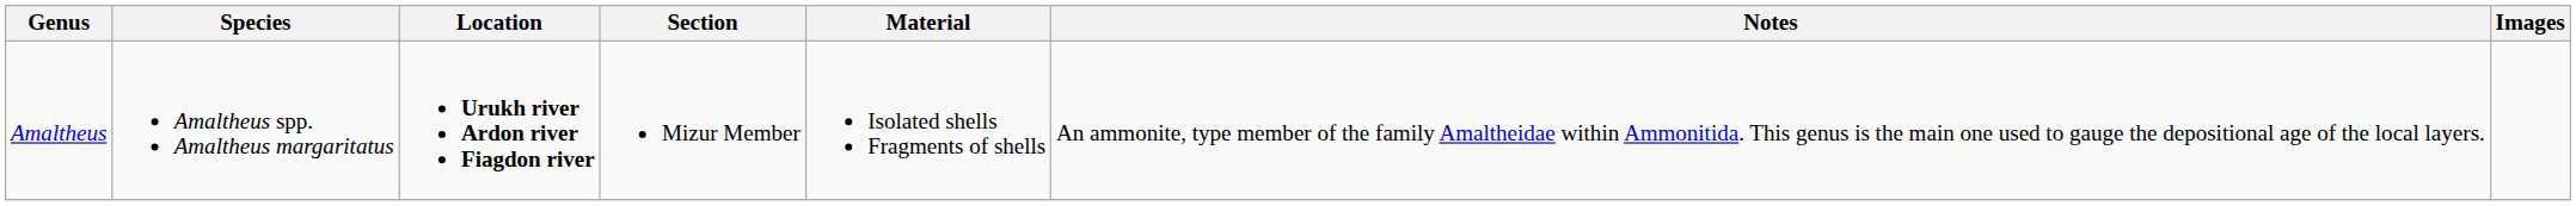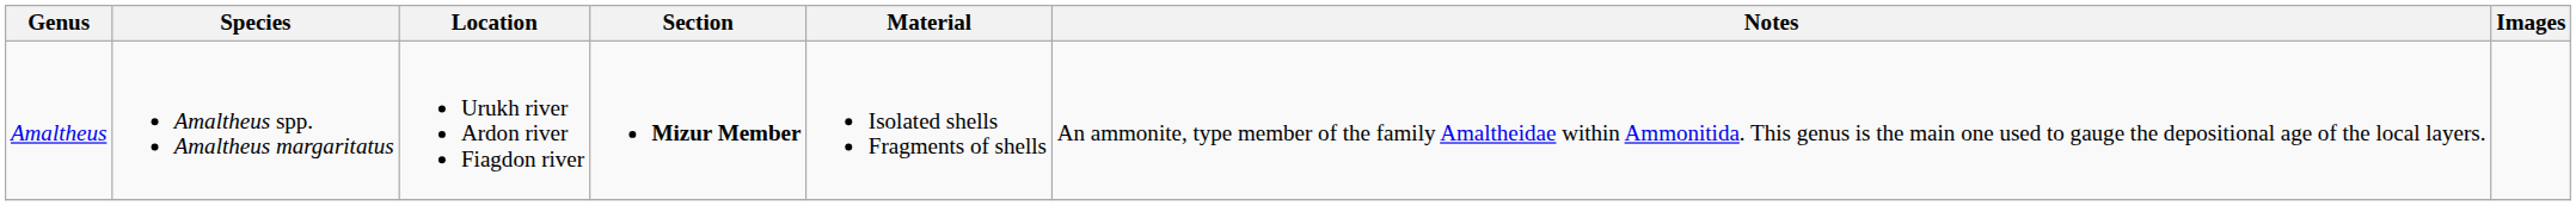 <table class="wikitable" align="center">
 <tr>
 <th>Genus</th>
 <th>Species</th>
 <th>Location</th>
 <th>Section</th>
 <th>Material</th>
 <th>Notes</th>
 <th>Images</th>
 </tr>
 <tr>
 <td><br><em><a href='#'>Amaltheus</a></em></td>
 <td><br><ul><li><em>Amaltheus</em> spp.</li><li><em>Amaltheus margaritatus</em></li></ul></td>
-<td><strong><br><ul><li>Urukh river</li><li>Ardon river</li><li>Fiagdon river</li></ul></strong></td>
-<td><br><ul><li>Mizur Member</li></ul></td>
+<td><br><ul><li>Urukh river</li><li>Ardon river</li><li>Fiagdon river</li></ul></td>
+<td><strong><br><ul><li>Mizur Member</li></ul></strong></td>
 <td><br><ul><li>Isolated shells</li><li>Fragments of shells</li></ul></td>
 <td><br>An ammonite, type member of the family <a href='#'>Amaltheidae</a> within <a href='#'>Ammonitida</a>. This genus is the main one used to gauge the depositional age of the local layers.</td>
 <td><br></td>
 </tr>
 <tr>
 </tr>
 </table>
